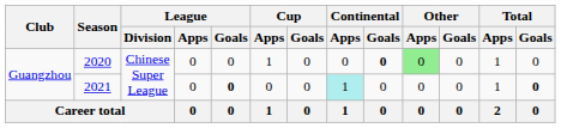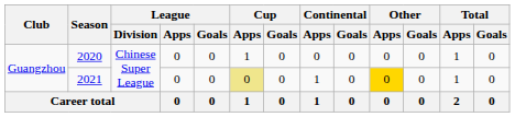 <table class="wikitable" style="text-align: center">
 <tr>
 <th rowspan="2">Club</th>
 <th rowspan="2">Season</th>
 <th colspan="3">League</th>
 <th colspan="2">Cup</th>
 <th colspan="2">Continental</th>
 <th colspan="2">Other</th>
 <th colspan="2">Total</th>
 </tr>
 <tr>
 <th>Division</th>
 <th>Apps</th>
 <th>Goals</th>
 <th>Apps</th>
 <th>Goals</th>
 <th>Apps</th>
 <th>Goals</th>
 <th>Apps</th>
 <th>Goals</th>
 <th>Apps</th>
 <th>Goals</th>
 </tr>
 <tr>
 <td rowspan="2"><a href='#'>Guangzhou</a></td>
 <td><a href='#'>2020</a></td>
 <td rowspan="2"><a href='#'>Chinese Super League</a></td>
 <td>0</td>
 <td>0</td>
 <td>1</td>
 <td>0</td>
 <td>0</td>
-<td><strong>0</strong></td>
-<td style="background: lightgreen;">0</td>
+<td>0</td>
+<td>0</td>
 <td>0</td>
 <td>1</td>
 <td>0</td>
 </tr>
 <tr>
 <td><a href='#'>2021</a></td>
 <td>0</td>
-<td><strong>0</strong></td>
 <td>0</td>
-<td>0</td>
-<td style="background: paleturquoise;">1</td>
-<td>0</td>
-<td>0</td>
+<td style="background: khaki;">0</td>
 <td>0</td>
 <td>1</td>
-<td><strong>0</strong></td>
+<td>0</td>
+<td style="background: gold;">0</td>
+<td>0</td>
+<td>1</td>
+<td>0</td>
 </tr>
 <tr>
 <th colspan=3>Career total</th>
 <th>0</th>
 <th>0</th>
 <th>1</th>
 <th>0</th>
 <th>1</th>
 <th>0</th>
 <th>0</th>
 <th>0</th>
 <th>2</th>
 <th>0</th>
 </tr>
 </table>
